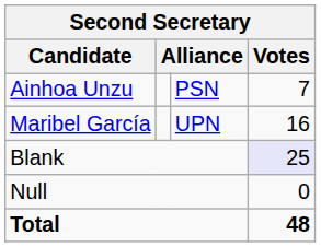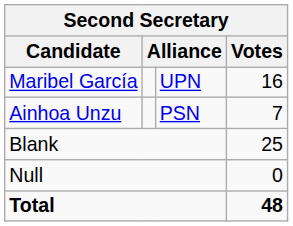 <table class="wikitable" style="font-size:90%; text-align:right;">
 <tr>
 <th colspan="4">Second Secretary</th>
 </tr>
 <tr>
 <th>Candidate</th>
 <th colspan="2">Alliance</th>
 <th>Votes</th>
 </tr>
 <tr>
+<td align=left><a href='#'>Maribel García</a></td>
+<td style="background:"></td>
+<td align=left><a href='#'>UPN</a></td>
+<td>16</td>
+</tr>
+<tr>
 <td align=left><a href='#'>Ainhoa Unzu</a></td>
 <td style="background:"></td>
 <td align=left><a href='#'>PSN</a></td>
 <td>7</td>
 </tr>
 <tr>
-<td align=left><a href='#'>Maribel García</a></td>
-<td style="background:"></td>
-<td align=left><a href='#'>UPN</a></td>
-<td>16</td>
-</tr>
-<tr>
 <td align=left colspan="3">Blank</td>
-<td style="background: lavender;">25</td>
+<td>25</td>
 </tr>
 <tr>
 <td align=left colspan="3">Null</td>
 <td>0</td>
 </tr>
 <tr style="font-weight:bold">
 <td align=left colspan="3">Total</td>
 <td>48</td>
 </tr>
 </table>
